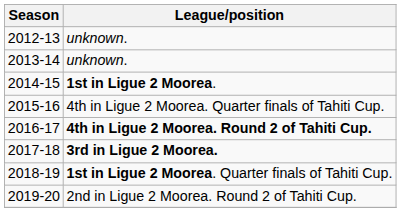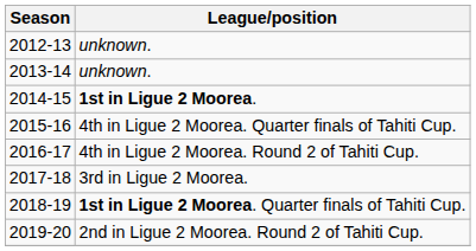 <table class="wikitable sortable">
 <tr>
 <th>Season</th>
 <th>League/position</th>
 </tr>
 <tr>
 <td>2012-13</td>
 <td><em>unknown</em>.</td>
 </tr>
 <tr>
 <td>2013-14</td>
 <td><em>unknown</em>.</td>
 </tr>
 <tr>
 <td>2014-15</td>
 <td><strong>1st in Ligue 2 Moorea</strong>.</td>
 </tr>
 <tr>
 <td>2015-16</td>
 <td>4th in Ligue 2 Moorea. Quarter finals of Tahiti Cup.</td>
 </tr>
 <tr>
 <td>2016-17</td>
-<td><strong>4th in Ligue 2 Moorea. Round 2 of Tahiti Cup.</strong></td>
+<td>4th in Ligue 2 Moorea. Round 2 of Tahiti Cup.</td>
 </tr>
 <tr>
 <td>2017-18</td>
-<td><strong>3rd in Ligue 2 Moorea.</strong></td>
+<td>3rd in Ligue 2 Moorea.</td>
 </tr>
 <tr>
 <td>2018-19</td>
 <td><strong>1st in Ligue 2 Moorea</strong>. Quarter finals of Tahiti Cup.</td>
 </tr>
 <tr>
 <td>2019-20</td>
 <td>2nd in Ligue 2 Moorea. Round 2 of Tahiti Cup.</td>
 </tr>
 <tr>
 </tr>
 </table>
